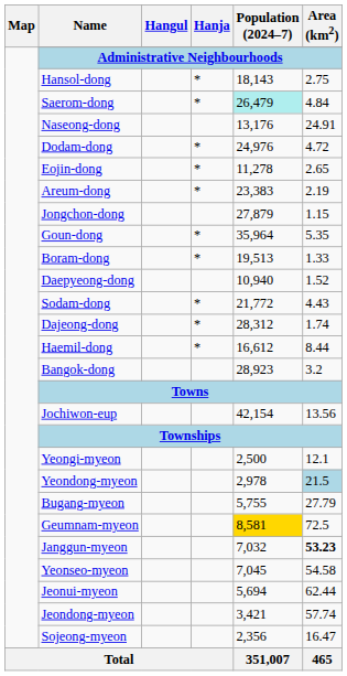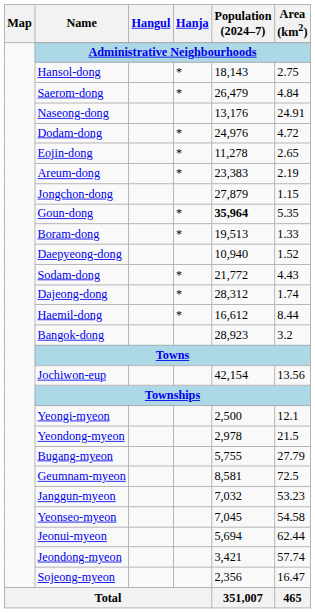 <table class="wikitable"  style="font-size:90%;" align=center>
 <tr>
 <th>Map</th>
 <th>Name</th>
 <th><a href='#'>Hangul</a></th>
 <th><a href='#'>Hanja</a></th>
 <th>Population<br>(2024–7)</th>
 <th>Area <br>(km<sup>2</sup>)</th>
 </tr>
 <tr>
 <td rowspan="28"><br><br></td>
 </tr>
 <tr bgcolor=lightblue>
 <td Colspan=5 align=center><strong><a href='#'>Administrative Neighbourhoods</a></strong></td>
 </tr>
 <tr>
 <td><a href='#'>Hansol-dong</a></td>
 <td><span></span></td>
 <td><span></span>*</td>
 <td>18,143</td>
 <td>2.75</td>
 </tr>
 <tr>
 <td><a href='#'>Saerom-dong</a></td>
 <td><span></span></td>
 <td><span></span>*</td>
-<td style="background: paleturquoise;">26,479</td>
+<td>26,479</td>
 <td>4.84</td>
 </tr>
 <tr>
 <td><a href='#'>Naseong-dong</a></td>
 <td><span></span></td>
 <td><span></span></td>
 <td>13,176</td>
 <td>24.91</td>
 </tr>
 <tr>
 <td><a href='#'>Dodam-dong</a></td>
 <td><span></span></td>
 <td><span></span>*</td>
 <td>24,976</td>
 <td>4.72</td>
 </tr>
 <tr>
 <td><a href='#'>Eojin-dong</a></td>
 <td><span></span></td>
 <td><span></span>*</td>
 <td>11,278</td>
 <td>2.65</td>
 </tr>
 <tr>
 <td><a href='#'>Areum-dong</a></td>
 <td><span></span></td>
 <td><span></span>*</td>
 <td>23,383</td>
 <td>2.19</td>
 </tr>
 <tr>
 <td><a href='#'>Jongchon-dong</a></td>
 <td><span></span></td>
 <td><span></span></td>
 <td>27,879</td>
 <td>1.15</td>
 </tr>
 <tr>
 <td><a href='#'>Goun-dong</a></td>
 <td><span></span></td>
 <td><span></span>*</td>
-<td>35,964</td>
+<td><strong>35,964</strong></td>
 <td>5.35</td>
 </tr>
 <tr>
 <td><a href='#'>Boram-dong</a></td>
 <td><span></span></td>
 <td><span></span>*</td>
 <td>19,513</td>
 <td>1.33</td>
 </tr>
 <tr>
 <td><a href='#'>Daepyeong-dong</a></td>
 <td><span></span></td>
 <td><span></span></td>
 <td>10,940</td>
 <td>1.52</td>
 </tr>
 <tr>
 <td><a href='#'>Sodam-dong</a></td>
 <td><span></span></td>
 <td><span></span>*</td>
 <td>21,772</td>
 <td>4.43</td>
 </tr>
 <tr>
 <td><a href='#'>Dajeong-dong</a></td>
 <td><span></span></td>
 <td><span></span>*</td>
 <td>28,312</td>
 <td>1.74</td>
 </tr>
 <tr>
 <td><a href='#'>Haemil-dong</a></td>
 <td><span></span></td>
 <td><span></span>*</td>
 <td>16,612</td>
 <td>8.44</td>
 </tr>
 <tr>
 <td><a href='#'>Bangok-dong</a></td>
 <td><span></span></td>
 <td><span></span></td>
 <td>28,923</td>
 <td>3.2</td>
 </tr>
 <tr bgcolor=lightblue>
 <td Colspan=5 align=center><strong><a href='#'>Towns</a></strong></td>
 </tr>
 <tr>
 <td><a href='#'>Jochiwon-eup</a></td>
 <td><span></span></td>
 <td><span></span></td>
 <td>42,154</td>
 <td>13.56</td>
 </tr>
 <tr bgcolor=lightblue>
 <td Colspan=5 align=center><strong><a href='#'>Townships</a></strong></td>
 </tr>
 <tr>
 <td><a href='#'>Yeongi-myeon</a></td>
 <td><span></span></td>
 <td><span></span></td>
 <td>2,500</td>
 <td>12.1</td>
 </tr>
 <tr>
 <td><a href='#'>Yeondong-myeon</a></td>
 <td><span></span></td>
 <td><span></span></td>
 <td>2,978</td>
-<td style="background: lightblue;">21.5</td>
+<td>21.5</td>
 </tr>
 <tr>
 <td><a href='#'>Bugang-myeon</a></td>
 <td><span></span></td>
 <td><span></span></td>
 <td>5,755</td>
 <td>27.79</td>
 </tr>
 <tr>
 <td><a href='#'>Geumnam-myeon</a></td>
 <td><span></span></td>
 <td><span></span></td>
-<td style="background: gold;">8,581</td>
+<td>8,581</td>
 <td>72.5</td>
 </tr>
 <tr>
 <td><a href='#'>Janggun-myeon</a></td>
 <td><span></span></td>
 <td><span></span></td>
 <td>7,032</td>
-<td><strong>53.23</strong></td>
+<td>53.23</td>
 </tr>
 <tr>
 <td><a href='#'>Yeonseo-myeon</a></td>
 <td><span></span></td>
 <td><span></span></td>
 <td>7,045</td>
 <td>54.58</td>
 </tr>
 <tr>
 <td><a href='#'>Jeonui-myeon</a></td>
 <td><span></span></td>
 <td><span></span></td>
 <td>5,694</td>
 <td>62.44</td>
 </tr>
 <tr>
 <td><a href='#'>Jeondong-myeon</a></td>
 <td><span></span></td>
 <td><span></span></td>
 <td>3,421</td>
 <td>57.74</td>
 </tr>
 <tr>
 <td><a href='#'>Sojeong-myeon</a></td>
 <td><span></span></td>
 <td><span></span></td>
 <td>2,356</td>
 <td>16.47</td>
 </tr>
 <tr>
 <th colspan="4">Total</th>
 <th>351,007</th>
 <th>465</th>
 </tr>
 </table>
